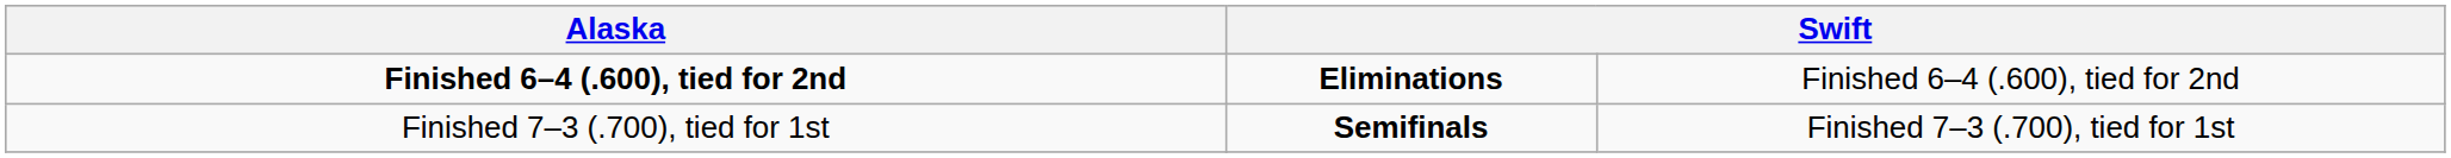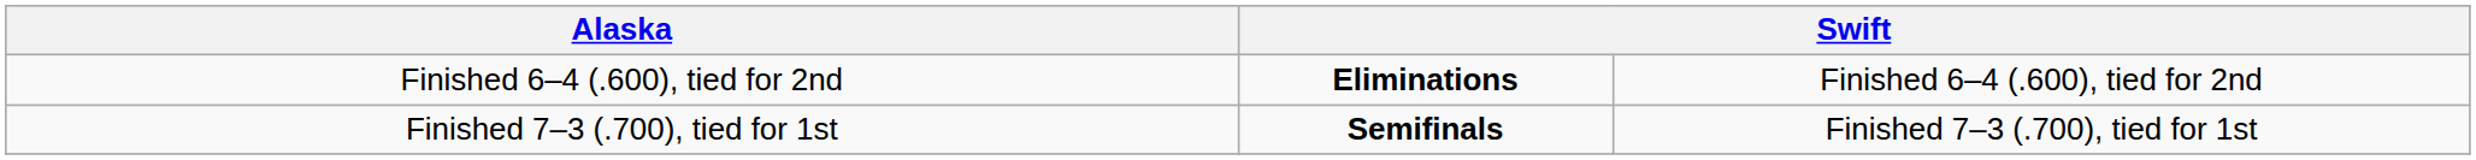 <table class="wikitable" style="width:100%;">
 <tr align=center>
 <th colspan="2" style="width:45%;"><a href='#'>Alaska</a></th>
 <th colspan="2" style="width:45%;"><a href='#'>Swift</a></th>
 </tr>
 <tr align=center>
-<td><strong>Finished 6–4 (.600), tied for 2nd</strong></td>
+<td>Finished 6–4 (.600), tied for 2nd</td>
 <td colspan=2><strong>Eliminations</strong></td>
 <td>Finished 6–4 (.600), tied for 2nd</td>
 </tr>
 <tr align=center>
 <td rowspan=2>Finished 7–3 (.700), tied for 1st</td>
 <td colspan=2><strong>Semifinals</strong></td>
 <td>Finished 7–3 (.700), tied for 1st</td>
 </tr>
 </table>
